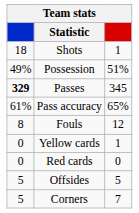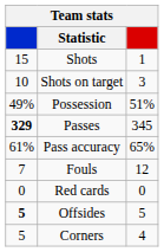 <table class="wikitable" style="margin-left: auto; margin-right: auto; border: none; text-align:center;">
 <tr>
 <th colspan=3>Team stats</th>
 </tr>
 <tr>
 <th style="background: #0029CC; color: #FFFFFF;"> <a href='#'></a></th>
 <th>Statistic</th>
 <th style="background: #da0000; color: #FFFFFF;"> <a href='#'></a></th>
 </tr>
 <tr>
-<td>18</td>
+<td>15</td>
 <td>Shots</td>
 <td>1</td>
+</tr>
+<tr>
+<td>10</td>
+<td>Shots on target</td>
+<td>3</td>
 </tr>
 <tr>
 <td>49%</td>
 <td>Possession</td>
 <td>51%</td>
 </tr>
 <tr>
 <td><strong>329</strong></td>
 <td>Passes</td>
 <td>345</td>
 </tr>
 <tr>
 <td>61%</td>
 <td>Pass accuracy</td>
 <td>65%</td>
 </tr>
 <tr>
-<td>8</td>
+<td>7</td>
 <td>Fouls</td>
 <td>12</td>
-</tr>
-<tr>
-<td>0</td>
-<td>Yellow cards</td>
-<td>1</td>
 </tr>
 <tr>
 <td>0</td>
 <td>Red cards</td>
 <td>0</td>
 </tr>
 <tr>
-<td>5</td>
+<td><strong>5</strong></td>
 <td>Offsides</td>
 <td>5</td>
 </tr>
 <tr>
 <td>5</td>
 <td>Corners</td>
-<td>7</td>
+<td>4</td>
 </tr>
 </table>
